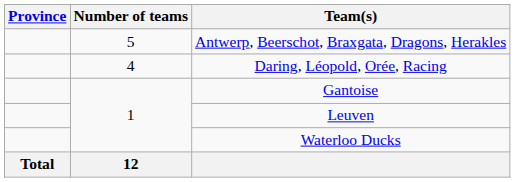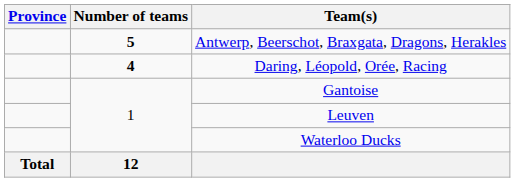 <table class="wikitable" style="text-align:center">
 <tr>
 <th><a href='#'>Province</a></th>
 <th>Number of teams</th>
 <th>Team(s)</th>
 </tr>
 <tr>
 <td align="left"></td>
-<td>5</td>
+<td><strong>5</strong></td>
 <td><a href='#'>Antwerp</a>, <a href='#'>Beerschot</a>, <a href='#'>Braxgata</a>, <a href='#'>Dragons</a>, <a href='#'>Herakles</a></td>
 </tr>
 <tr>
 <td align="left"></td>
-<td>4</td>
+<td><strong>4</strong></td>
 <td><a href='#'>Daring</a>, <a href='#'>Léopold</a>, <a href='#'>Orée</a>, <a href='#'>Racing</a></td>
 </tr>
 <tr>
 <td align="left"></td>
 <td rowspan=3>1</td>
 <td><a href='#'>Gantoise</a></td>
 </tr>
 <tr>
 <td align=left></td>
 <td><a href='#'>Leuven</a></td>
 </tr>
 <tr>
 <td align=left></td>
 <td><a href='#'>Waterloo Ducks</a></td>
 </tr>
 <tr>
 <th>Total</th>
 <th>12</th>
 <th></th>
 </tr>
 </table>
